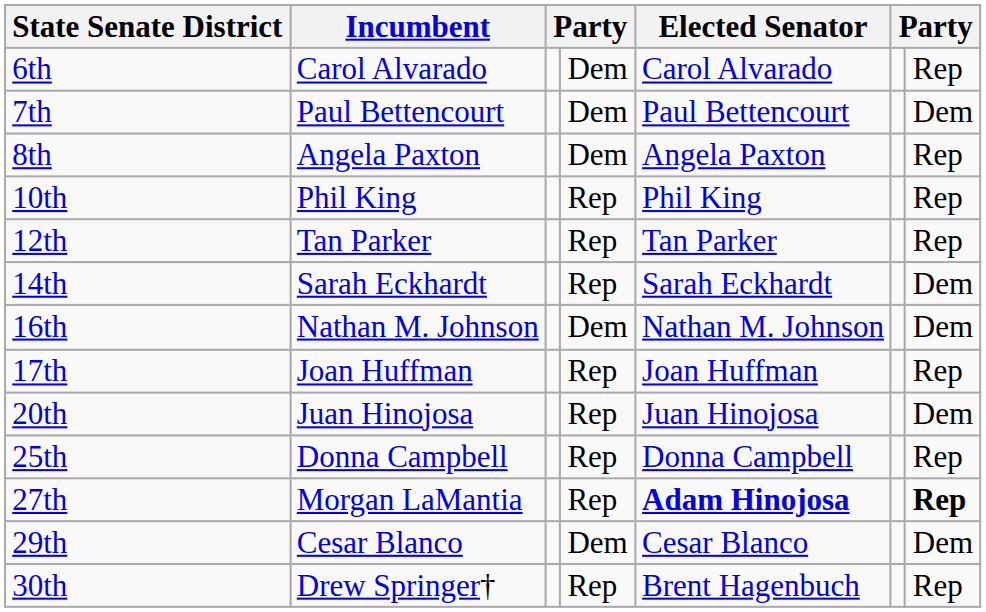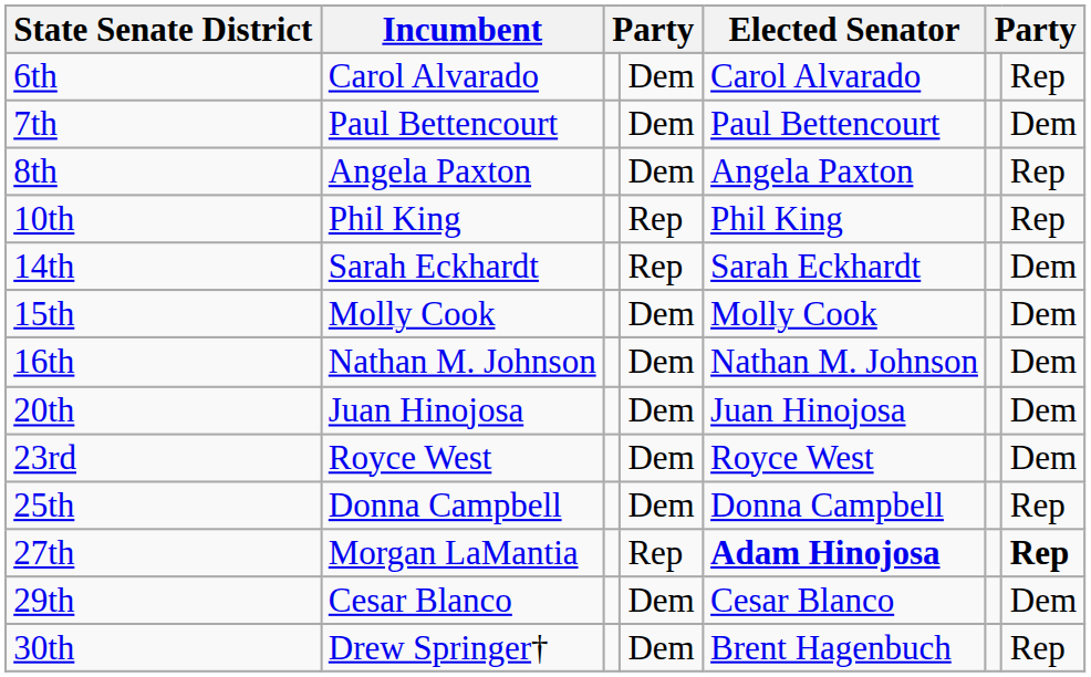 <table class="sortable wikitable" style="font-size:95%;line-height:14px;">
 <tr>
 <th class="unsortable">State Senate District</th>
 <th class="unsortable"><a href='#'>Incumbent</a></th>
 <th colspan="2">Party</th>
 <th class="unsortable">Elected Senator</th>
 <th colspan="2">Party</th>
 </tr>
 <tr>
 <td><a href='#'>6th</a></td>
 <td><a href='#'>Carol Alvarado</a></td>
 <td style="background:"></td>
 <td>Dem</td>
 <td><a href='#'>Carol Alvarado</a></td>
 <td style="background:"></td>
 <td>Rep</td>
 </tr>
 <tr>
 <td><a href='#'>7th</a></td>
 <td><a href='#'>Paul Bettencourt</a></td>
 <td style="background:"></td>
 <td>Dem</td>
 <td><a href='#'>Paul Bettencourt</a></td>
 <td style="background:"></td>
 <td>Dem</td>
 </tr>
 <tr>
 <td><a href='#'>8th</a></td>
 <td><a href='#'>Angela Paxton</a></td>
 <td style="background:"></td>
 <td>Dem</td>
 <td><a href='#'>Angela Paxton</a></td>
 <td style="background:"></td>
 <td>Rep</td>
 </tr>
 <tr>
 <td><a href='#'>10th</a></td>
 <td><a href='#'>Phil King</a></td>
 <td style="background:"></td>
 <td>Rep</td>
 <td><a href='#'>Phil King</a></td>
 <td style="background:"></td>
 <td>Rep</td>
 </tr>
 <tr>
-<td><a href='#'>12th</a></td>
-<td><a href='#'>Tan Parker</a></td>
-<td style="background:"></td>
-<td>Rep</td>
-<td><a href='#'>Tan Parker</a></td>
-<td style="background:"></td>
-<td>Rep</td>
-</tr>
-<tr>
 <td><a href='#'>14th</a></td>
 <td><a href='#'>Sarah Eckhardt</a></td>
 <td style="background:"></td>
 <td>Rep</td>
 <td><a href='#'>Sarah Eckhardt</a></td>
+<td style="background:"></td>
+<td>Dem</td>
+</tr>
+<tr>
+<td><a href='#'>15th</a></td>
+<td><a href='#'>Molly Cook</a></td>
+<td style="background:"></td>
+<td>Dem</td>
+<td><a href='#'>Molly Cook</a></td>
 <td style="background:"></td>
 <td>Dem</td>
 </tr>
 <tr>
 <td><a href='#'>16th</a></td>
 <td><a href='#'>Nathan M. Johnson</a></td>
 <td style="background:"></td>
 <td>Dem</td>
 <td><a href='#'>Nathan M. Johnson</a></td>
 <td style="background:"></td>
 <td>Dem</td>
 </tr>
 <tr>
-<td><a href='#'>17th</a></td>
-<td><a href='#'>Joan Huffman</a></td>
-<td style="background:"></td>
-<td>Rep</td>
-<td><a href='#'>Joan Huffman</a></td>
-<td style="background:"></td>
-<td>Rep</td>
-</tr>
-<tr>
 <td><a href='#'>20th</a></td>
 <td><a href='#'>Juan Hinojosa</a></td>
 <td style="background:"></td>
-<td>Rep</td>
+<td>Dem</td>
 <td><a href='#'>Juan Hinojosa</a></td>
+<td style="background:"></td>
+<td>Dem</td>
+</tr>
+<tr>
+<td><a href='#'>23rd</a></td>
+<td><a href='#'>Royce West</a></td>
+<td style="background:"></td>
+<td>Dem</td>
+<td><a href='#'>Royce West</a></td>
 <td style="background:"></td>
 <td>Dem</td>
 </tr>
 <tr>
 <td><a href='#'>25th</a></td>
 <td><a href='#'>Donna Campbell</a></td>
 <td style="background:"></td>
-<td>Rep</td>
+<td>Dem</td>
 <td><a href='#'>Donna Campbell</a></td>
 <td style="background:"></td>
 <td>Rep</td>
 </tr>
 <tr>
 <td><a href='#'>27th</a></td>
 <td><a href='#'>Morgan LaMantia</a></td>
 <td style="background:"></td>
 <td>Rep</td>
 <td><strong><a href='#'>Adam Hinojosa</a></strong></td>
 <td style="background:"></td>
 <td><strong>Rep</strong></td>
 </tr>
 <tr>
 <td><a href='#'>29th</a></td>
 <td><a href='#'>Cesar Blanco</a></td>
 <td style="background:"></td>
 <td>Dem</td>
 <td><a href='#'>Cesar Blanco</a></td>
 <td style="background:"></td>
 <td>Dem</td>
 </tr>
 <tr>
 <td><a href='#'>30th</a></td>
 <td><a href='#'>Drew Springer</a>†</td>
 <td style="background:"></td>
-<td>Rep</td>
+<td>Dem</td>
 <td><a href='#'>Brent Hagenbuch</a></td>
 <td style="background:"></td>
 <td>Rep</td>
 </tr>
 </table>
